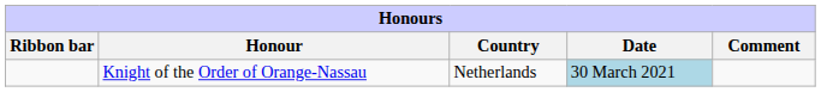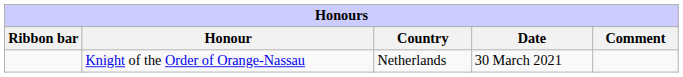 <table class="wikitable" style="width:60%;">
 <tr style="background:#ccf; text-align:center;">
 <td colspan=5><strong>Honours</strong></td>
 </tr>
 <tr>
 <th style="width:80px;">Ribbon bar</th>
 <th>Honour</th>
 <th>Country</th>
 <th>Date</th>
 <th>Comment</th>
 </tr>
 <tr>
 <td></td>
 <td><a href='#'>Knight</a> of the <a href='#'>Order of Orange-Nassau</a></td>
 <td>Netherlands</td>
-<td style="background: lightblue;">30 March 2021</td>
+<td>30 March 2021</td>
 <td></td>
 </tr>
 </table>
